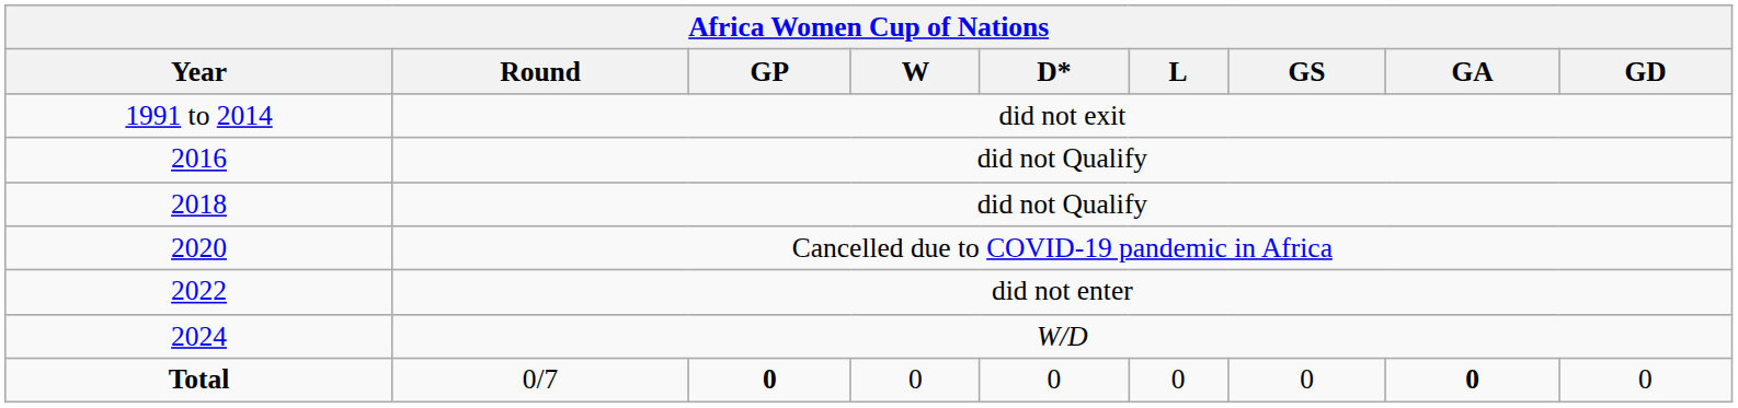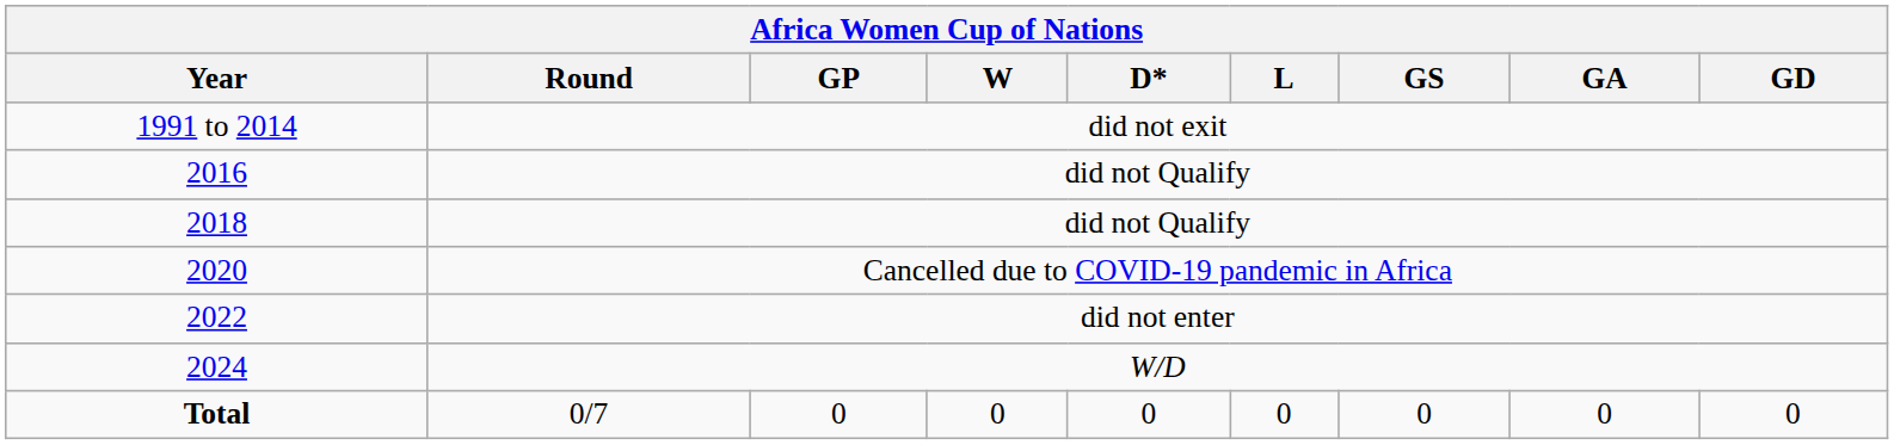 <table class="wikitable" style="text-align: center; width:50%;">
 <tr>
 <th colspan=10><a href='#'>Africa Women Cup of Nations</a></th>
 </tr>
 <tr>
 <th>Year</th>
 <th>Round</th>
 <th>GP</th>
 <th>W</th>
 <th>D*</th>
 <th>L</th>
 <th>GS</th>
 <th>GA</th>
 <th>GD</th>
 </tr>
 <tr>
 <td><a href='#'>1991</a> to  <a href='#'>2014</a></td>
 <td colspan=8>did not exit</td>
 </tr>
 <tr>
 <td> <a href='#'>2016</a></td>
 <td colspan=8>did not Qualify</td>
 </tr>
 <tr>
 <td> <a href='#'>2018</a></td>
 <td colspan=8>did not Qualify</td>
 </tr>
 <tr>
 <td> <a href='#'>2020</a></td>
 <td colspan=8>Cancelled due to <a href='#'>COVID-19 pandemic in Africa</a></td>
 </tr>
 <tr>
 <td> <a href='#'>2022</a></td>
 <td colspan=8>did not enter</td>
 </tr>
 <tr>
 <td> <a href='#'>2024</a></td>
 <td colspan=8><em>W/D</em></td>
 </tr>
 <tr>
 <td><strong>Total</strong></td>
 <td>0/7</td>
-<td><strong>0</strong></td>
 <td>0</td>
 <td>0</td>
 <td>0</td>
 <td>0</td>
-<td><strong>0</strong></td>
+<td>0</td>
+<td>0</td>
 <td>0</td>
 </tr>
 </table>
